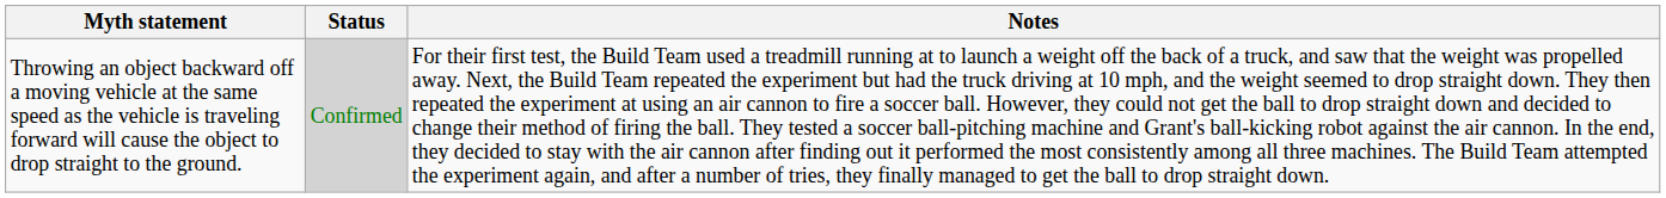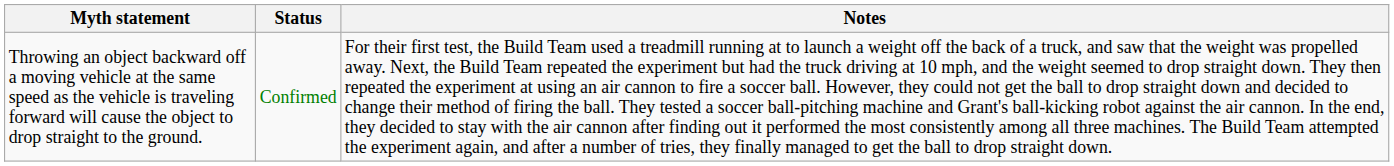 <table class="wikitable plainrowheaders">
 <tr>
 <th>Myth statement</th>
 <th>Status</th>
 <th>Notes</th>
 </tr>
 <tr>
 <td>Throwing an object backward off a moving vehicle at the same speed as the vehicle is traveling forward will cause the object to drop straight to the ground.</td>
-<td style="background: lightgrey; color:green">Confirmed</td>
+<td style="color:green">Confirmed</td>
 <td>For their first test, the Build Team used a treadmill running at  to launch a weight off the back of a truck, and saw that the weight was propelled  away. Next, the Build Team repeated the experiment but had the truck driving at 10 mph, and the weight seemed to drop straight down. They then repeated the experiment at  using an air cannon to fire a soccer ball. However, they could not get the ball to drop straight down and decided to change their method of firing the ball. They tested a soccer ball-pitching machine and Grant's ball-kicking robot against the air cannon. In the end, they decided to stay with the air cannon after finding out it performed the most consistently among all three machines. The Build Team attempted the experiment again, and after a number of tries, they finally managed to get the ball to drop straight down.</td>
 </tr>
 </table>
